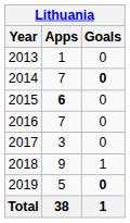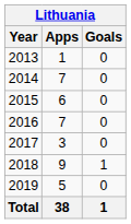 <table class="wikitable" style="text-align:center">
 <tr>
 <th colspan=3><a href='#'>Lithuania</a></th>
 </tr>
 <tr>
 <th>Year</th>
 <th>Apps</th>
 <th>Goals</th>
 </tr>
 <tr>
 <td>2013</td>
 <td>1</td>
 <td>0</td>
 </tr>
 <tr>
 <td>2014</td>
 <td>7</td>
-<td><strong>0</strong></td>
+<td>0</td>
 </tr>
 <tr>
 <td>2015</td>
-<td><strong>6</strong></td>
+<td>6</td>
 <td>0</td>
 </tr>
 <tr>
 <td>2016</td>
 <td>7</td>
 <td>0</td>
 </tr>
 <tr>
 <td>2017</td>
 <td>3</td>
 <td>0</td>
 </tr>
 <tr>
 <td>2018</td>
 <td>9</td>
 <td>1</td>
 </tr>
 <tr>
 <td>2019</td>
 <td>5</td>
-<td><strong>0</strong></td>
+<td>0</td>
 </tr>
 <tr>
 <th>Total</th>
 <th>38</th>
 <th>1</th>
 </tr>
 </table>
